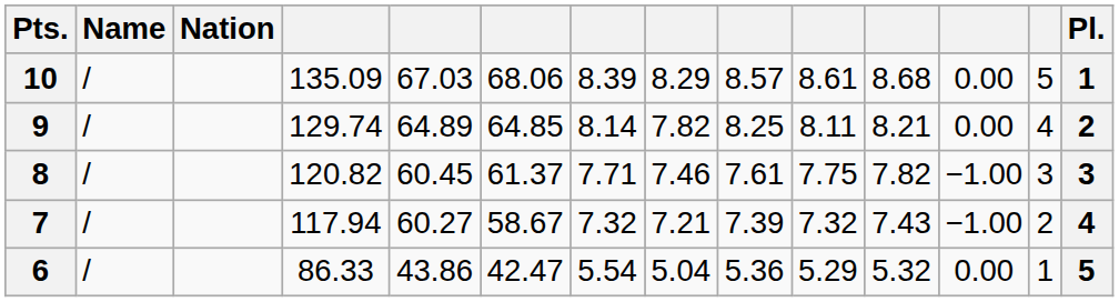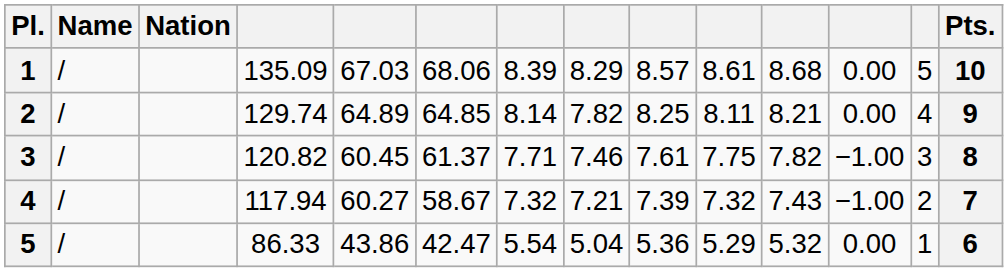 <table class="wikitable sortable" style="text-align:center">
 <tr>
-<th>Pts.</th>
+<th>Pl.</th>
 <th>Name</th>
 <th>Nation</th>
 <th></th>
 <th></th>
 <th></th>
 <th></th>
 <th></th>
 <th></th>
 <th></th>
 <th></th>
 <th></th>
 <th></th>
-<th>Pl.</th>
+<th>Pts.</th>
 </tr>
 <tr>
-<th>10</th>
+<th>1</th>
 <td align=left> / </td>
 <td align=left></td>
 <td>135.09</td>
 <td>67.03</td>
 <td>68.06</td>
 <td>8.39</td>
 <td>8.29</td>
 <td>8.57</td>
 <td>8.61</td>
 <td>8.68</td>
 <td>0.00</td>
 <td>5</td>
-<th>1</th>
+<th>10</th>
 </tr>
 <tr>
-<th>9</th>
+<th>2</th>
 <td align=left> / </td>
 <td align=left></td>
 <td>129.74</td>
 <td>64.89</td>
 <td>64.85</td>
 <td>8.14</td>
 <td>7.82</td>
 <td>8.25</td>
 <td>8.11</td>
 <td>8.21</td>
 <td>0.00</td>
 <td>4</td>
-<th>2</th>
+<th>9</th>
 </tr>
 <tr>
-<th>8</th>
+<th>3</th>
 <td align=left> / </td>
 <td align=left></td>
 <td>120.82</td>
 <td>60.45</td>
 <td>61.37</td>
 <td>7.71</td>
 <td>7.46</td>
 <td>7.61</td>
 <td>7.75</td>
 <td>7.82</td>
 <td>−1.00</td>
 <td>3</td>
-<th>3</th>
+<th>8</th>
 </tr>
 <tr>
-<th>7</th>
+<th>4</th>
 <td align=left> / </td>
 <td align=left></td>
 <td>117.94</td>
 <td>60.27</td>
 <td>58.67</td>
 <td>7.32</td>
 <td>7.21</td>
 <td>7.39</td>
 <td>7.32</td>
 <td>7.43</td>
 <td>−1.00</td>
 <td>2</td>
-<th>4</th>
+<th>7</th>
 </tr>
 <tr>
-<th>6</th>
+<th>5</th>
 <td align=left> / </td>
 <td align=left></td>
 <td>86.33</td>
 <td>43.86</td>
 <td>42.47</td>
 <td>5.54</td>
 <td>5.04</td>
 <td>5.36</td>
 <td>5.29</td>
 <td>5.32</td>
 <td>0.00</td>
 <td>1</td>
-<th>5</th>
+<th>6</th>
 </tr>
 </table>
